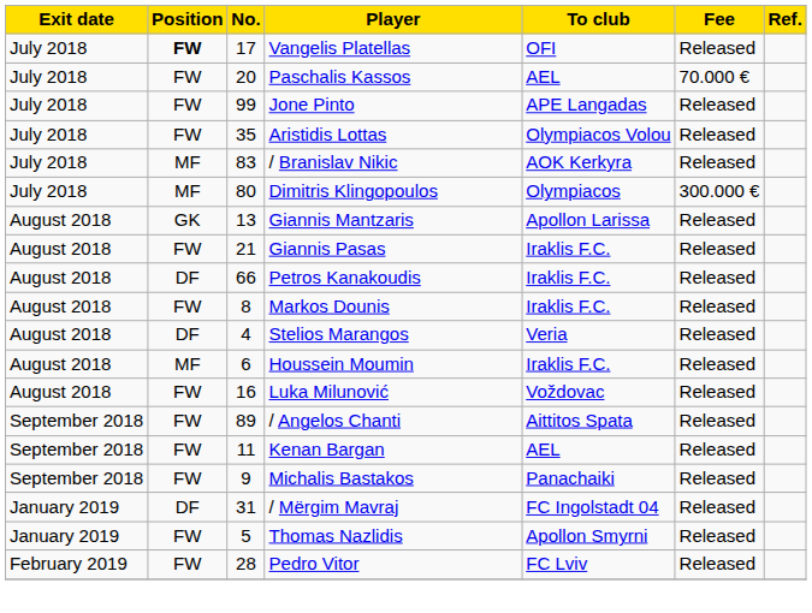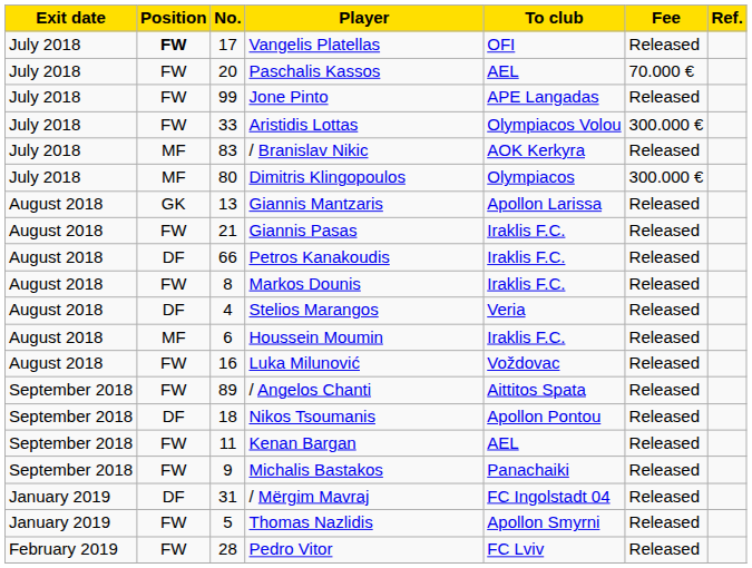 <table class="wikitable sortable">
 <tr>
 <th style="background:#FFDF00; color:black;"><strong>Exit date</strong></th>
 <th style="background:#FFDF00; color:black;"><strong>Position</strong></th>
 <th style="background:#FFDF00; color:black;"><strong>No.</strong></th>
 <th style="background:#FFDF00; color:black;"; width=220><strong>Player</strong></th>
 <th style="background:#FFDF00; color:black;"><strong>To club</strong></th>
 <th style="background:#FFDF00; color:black;"><strong>Fee</strong></th>
 <th style="background:#FFDF00; color:black;"><strong>Ref.</strong></th>
 </tr>
 <tr>
 <td>July 2018</td>
 <td style="text-align:center;"><strong>FW</strong></td>
 <td style="text-align:center;">17</td>
 <td style="text-align:left;"> <a href='#'>Vangelis Platellas</a></td>
 <td style="text-align:left;"> <a href='#'>OFI</a></td>
 <td>Released</td>
 <td></td>
 </tr>
 <tr>
 <td>July 2018</td>
 <td style="text-align:center;">FW</td>
 <td style="text-align:center;">20</td>
 <td style="text-align:left;"> <a href='#'>Paschalis Kassos</a></td>
 <td style="text-align:left;"> <a href='#'>AEL</a></td>
 <td>70.000 €</td>
 <td></td>
 </tr>
 <tr>
 <td>July 2018</td>
 <td style="text-align:center;">FW</td>
 <td style="text-align:center;">99</td>
 <td style="text-align:left;"> <a href='#'>Jone Pinto</a></td>
 <td style="text-align:left;"> <a href='#'>APE Langadas</a></td>
 <td>Released</td>
 <td></td>
 </tr>
 <tr>
 <td>July 2018</td>
 <td style="text-align:center;">FW</td>
-<td style="text-align:center;">35</td>
+<td style="text-align:center;">33</td>
 <td style="text-align:left;"> <a href='#'>Aristidis Lottas</a></td>
 <td style="text-align:left;"> <a href='#'>Olympiacos Volou</a></td>
-<td>Released</td>
+<td>300.000 €</td>
 <td></td>
 </tr>
 <tr>
 <td>July 2018</td>
 <td style="text-align:center;">MF</td>
 <td style="text-align:center;">83</td>
 <td style="text-align:left;"> /  <a href='#'>Branislav Nikic</a></td>
 <td style="text-align:left;"> <a href='#'>AOK Kerkyra</a></td>
 <td>Released</td>
 <td></td>
 </tr>
 <tr>
 <td>July 2018</td>
 <td style="text-align:center;">MF</td>
 <td style="text-align:center;">80</td>
 <td style="text-align:left;"> <a href='#'>Dimitris Klingopoulos</a></td>
 <td style="text-align:left;"> <a href='#'>Olympiacos</a></td>
 <td>300.000 €</td>
 <td></td>
 </tr>
 <tr>
 <td>August 2018</td>
 <td style="text-align:center;">GK</td>
 <td style="text-align:center;">13</td>
 <td style="text-align:left;"> <a href='#'>Giannis Mantzaris</a></td>
 <td style="text-align:left;"> <a href='#'>Apollon Larissa</a></td>
 <td>Released</td>
 <td></td>
 </tr>
 <tr>
 <td>August 2018</td>
 <td style="text-align:center;">FW</td>
 <td style="text-align:center;">21</td>
 <td style="text-align:left;"> <a href='#'>Giannis Pasas</a></td>
 <td style="text-align:left;"> <a href='#'>Iraklis F.C.</a></td>
 <td>Released</td>
 <td></td>
 </tr>
 <tr>
 <td>August 2018</td>
 <td style="text-align:center;">DF</td>
 <td style="text-align:center;">66</td>
 <td style="text-align:left;"> <a href='#'>Petros Kanakoudis</a></td>
 <td style="text-align:left;"> <a href='#'>Iraklis F.C.</a></td>
 <td>Released</td>
 <td></td>
 </tr>
 <tr>
 <td>August 2018</td>
 <td style="text-align:center;">FW</td>
 <td style="text-align:center;">8</td>
 <td style="text-align:left;"> <a href='#'>Markos Dounis</a></td>
 <td style="text-align:left;"> <a href='#'>Iraklis F.C.</a></td>
 <td>Released</td>
 <td></td>
 </tr>
 <tr>
 <td>August 2018</td>
 <td style="text-align:center;">DF</td>
 <td style="text-align:center;">4</td>
 <td style="text-align:left;"> <a href='#'>Stelios Marangos</a></td>
 <td style="text-align:left;"> <a href='#'>Veria</a></td>
 <td>Released</td>
 <td></td>
 </tr>
 <tr>
 <td>August 2018</td>
 <td style="text-align:center;">MF</td>
 <td style="text-align:center;">6</td>
 <td style="text-align:left;"> <a href='#'>Houssein Moumin</a></td>
 <td style="text-align:left;"> <a href='#'>Iraklis F.C.</a></td>
 <td>Released</td>
 <td></td>
 </tr>
 <tr>
 <td>August 2018</td>
 <td style="text-align:center;">FW</td>
 <td style="text-align:center;">16</td>
 <td style="text-align:left;"> <a href='#'>Luka Milunović</a></td>
 <td style="text-align:left;"> <a href='#'>Voždovac</a></td>
 <td>Released</td>
 <td></td>
 </tr>
 <tr>
 <td>September 2018</td>
 <td style="text-align:center;">FW</td>
 <td style="text-align:center;">89</td>
 <td style="text-align:left;"> /  <a href='#'>Angelos Chanti</a></td>
 <td style="text-align:left;"> <a href='#'>Aittitos Spata</a></td>
 <td>Released</td>
 <td></td>
 </tr>
 <tr>
 <td>September 2018</td>
+<td style="text-align:center;">DF</td>
+<td style="text-align:center;">18</td>
+<td style="text-align:left;"> <a href='#'>Nikos Tsoumanis</a></td>
+<td style="text-align:left;"> <a href='#'>Apollon Pontou</a></td>
+<td>Released</td>
+<td></td>
+</tr>
+<tr>
+<td>September 2018</td>
 <td style="text-align:center;">FW</td>
 <td style="text-align:center;">11</td>
 <td style="text-align:left;"> <a href='#'>Kenan Bargan</a></td>
 <td style="text-align:left;"> <a href='#'>AEL</a></td>
 <td>Released</td>
 <td></td>
 </tr>
 <tr>
 <td>September 2018</td>
 <td style="text-align:center;">FW</td>
 <td style="text-align:center;">9</td>
 <td style="text-align:left;"> <a href='#'>Michalis Bastakos</a></td>
 <td style="text-align:left;"> <a href='#'>Panachaiki</a></td>
 <td>Released</td>
 <td></td>
 </tr>
 <tr>
 <td>January 2019</td>
 <td style="text-align:center;">DF</td>
 <td style="text-align:center;">31</td>
 <td style="text=align:left;"> /  <a href='#'>Mërgim Mavraj</a></td>
 <td style="text-align:left;"> <a href='#'>FC Ingolstadt 04</a></td>
 <td>Released</td>
 <td></td>
 </tr>
 <tr>
 <td>January 2019</td>
 <td style="text-align:center;">FW</td>
 <td style="text-align:center;">5</td>
 <td style="text=align:left;"> <a href='#'>Thomas Nazlidis</a></td>
 <td style="text=align:left;"> <a href='#'>Apollon Smyrni</a></td>
 <td>Released</td>
 <td></td>
 </tr>
 <tr>
 <td>February 2019</td>
 <td style="text-align:center;">FW</td>
 <td style="text-align:center;">28</td>
 <td style="text=align:left;"> <a href='#'>Pedro Vitor</a></td>
 <td style="text-align:left;"> <a href='#'>FC Lviv</a></td>
 <td>Released</td>
 <td></td>
 </tr>
 <tr>
 </tr>
 </table>
